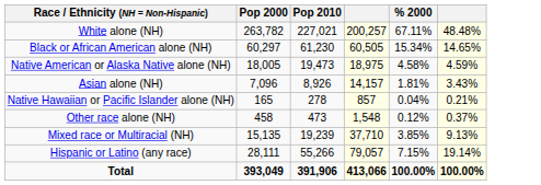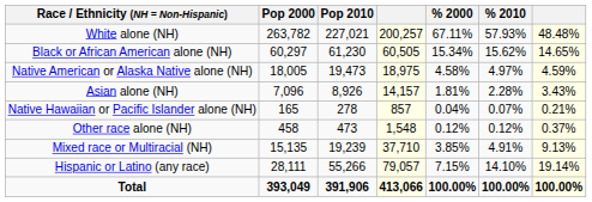 <table class="wikitable" style="text-align:center;">
 <tr>
 <th>Race / Ethnicity <small>(<em>NH = Non-Hispanic</em>)</small></th>
 <th>Pop 2000</th>
 <th>Pop 2010</th>
 <th></th>
 <th>% 2000</th>
+<th>% 2010</th>
 <th></th>
 </tr>
 <tr>
 <td><a href='#'>White</a> alone (NH)</td>
 <td>263,782</td>
 <td>227,021</td>
 <td style='background: #ffffe6;'>200,257</td>
 <td>67.11%</td>
+<td>57.93%</td>
 <td style='background: #ffffe6;'>48.48%</td>
 </tr>
 <tr>
 <td><a href='#'>Black or African American</a> alone (NH)</td>
 <td>60,297</td>
 <td>61,230</td>
 <td style='background: #ffffe6;'>60,505</td>
 <td>15.34%</td>
+<td>15.62%</td>
 <td style='background: #ffffe6;'>14.65%</td>
 </tr>
 <tr>
 <td><a href='#'>Native American</a> or <a href='#'>Alaska Native</a> alone (NH)</td>
 <td>18,005</td>
 <td>19,473</td>
 <td style='background: #ffffe6;'>18,975</td>
 <td>4.58%</td>
+<td>4.97%</td>
 <td style='background: #ffffe6;'>4.59%</td>
 </tr>
 <tr>
 <td><a href='#'>Asian</a> alone (NH)</td>
 <td>7,096</td>
 <td>8,926</td>
 <td style='background: #ffffe6;'>14,157</td>
 <td>1.81%</td>
+<td>2.28%</td>
 <td style='background: #ffffe6;'>3.43%</td>
 </tr>
 <tr>
 <td><a href='#'>Native Hawaiian</a> or <a href='#'>Pacific Islander</a> alone (NH)</td>
 <td>165</td>
 <td>278</td>
 <td style='background: #ffffe6;'>857</td>
 <td>0.04%</td>
+<td>0.07%</td>
 <td style='background: #ffffe6;'>0.21%</td>
 </tr>
 <tr>
 <td><a href='#'>Other race</a> alone (NH)</td>
 <td>458</td>
 <td>473</td>
 <td style='background: #ffffe6;'>1,548</td>
+<td>0.12%</td>
 <td>0.12%</td>
 <td style='background: #ffffe6;'>0.37%</td>
 </tr>
 <tr>
 <td><a href='#'>Mixed race or Multiracial</a> (NH)</td>
 <td>15,135</td>
 <td>19,239</td>
 <td style='background: #ffffe6;'>37,710</td>
 <td>3.85%</td>
+<td>4.91%</td>
 <td style='background: #ffffe6;'>9.13%</td>
 </tr>
 <tr>
 <td><a href='#'>Hispanic or Latino</a> (any race)</td>
 <td>28,111</td>
 <td>55,266</td>
 <td style='background: #ffffe6;'>79,057</td>
 <td>7.15%</td>
+<td>14.10%</td>
 <td style='background: #ffffe6;'>19.14%</td>
 </tr>
 <tr>
 <td><strong>Total</strong></td>
 <td><strong>393,049</strong></td>
 <td><strong>391,906</strong></td>
 <td style='background: #ffffe6;'><strong>413,066</strong></td>
 <td><strong>100.00%</strong></td>
+<td><strong>100.00%</strong></td>
 <td style='background: #ffffe6;'><strong>100.00%</strong></td>
 </tr>
 </table>
